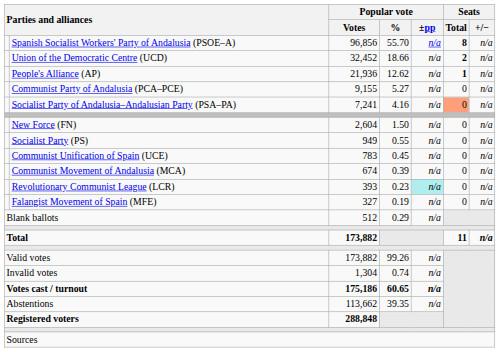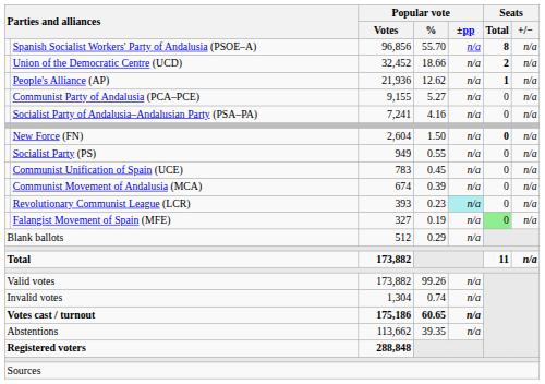 <table class="wikitable" style="text-align:right;">
 <tr>
 <th style="text-align:left;" rowspan="2" colspan="2" width="525">Parties and alliances</th>
 <th colspan="3">Popular vote</th>
 <th colspan="2">Seats</th>
 </tr>
 <tr>
 <th width="75">Votes</th>
 <th width="45">%</th>
 <th width="45">±<a href='#'>pp</a></th>
 <th width="35">Total</th>
 <th width="35">+/−</th>
 </tr>
 <tr>
 <td width="1" style="color:inherit;background:"></td>
 <td align="left"><a href='#'>Spanish Socialist Workers' Party of Andalusia</a> (PSOE–A)</td>
 <td>96,856</td>
 <td>55.70</td>
 <td><em><a href='#'>n/a</a></em></td>
 <td><strong>8</strong></td>
 <td><em>n/a</em></td>
 </tr>
 <tr>
 <td style="color:inherit;background:"></td>
 <td align="left"><a href='#'>Union of the Democratic Centre</a> (UCD)</td>
 <td>32,452</td>
 <td>18.66</td>
 <td><em>n/a</em></td>
 <td><strong>2</strong></td>
 <td><em>n/a</em></td>
 </tr>
 <tr>
 <td style="color:inherit;background:"></td>
 <td align="left"><a href='#'>People's Alliance</a> (AP)</td>
 <td>21,936</td>
 <td>12.62</td>
 <td><em>n/a</em></td>
 <td><strong>1</strong></td>
 <td><em>n/a</em></td>
 </tr>
 <tr>
 <td style="color:inherit;background:"></td>
 <td align="left"><a href='#'>Communist Party of Andalusia</a> (PCA–PCE)</td>
 <td>9,155</td>
 <td>5.27</td>
 <td><em>n/a</em></td>
 <td>0</td>
 <td><em>n/a</em></td>
 </tr>
 <tr>
 <td style="color:inherit;background:"></td>
 <td align="left"><a href='#'>Socialist Party of Andalusia–Andalusian Party</a> (PSA–PA)</td>
 <td>7,241</td>
 <td>4.16</td>
 <td><em>n/a</em></td>
-<td style="background: lightsalmon;">0</td>
+<td>0</td>
 <td><em>n/a</em></td>
 </tr>
 <tr>
 <td colspan="7" bgcolor="#C0C0C0"></td>
 </tr>
 <tr>
 <td style="color:inherit;background:"></td>
 <td align="left"><a href='#'>New Force</a> (FN)</td>
 <td>2,604</td>
 <td>1.50</td>
 <td><em>n/a</em></td>
-<td>0</td>
+<td><strong>0</strong></td>
 <td><em>n/a</em></td>
 </tr>
 <tr>
 <td style="color:inherit;background:"></td>
 <td align="left"><a href='#'>Socialist Party</a> (PS)</td>
 <td>949</td>
 <td>0.55</td>
 <td><em>n/a</em></td>
 <td>0</td>
 <td><em>n/a</em></td>
 </tr>
 <tr>
 <td style="color:inherit;background:"></td>
 <td align="left"><a href='#'>Communist Unification of Spain</a> (UCE)</td>
 <td>783</td>
 <td>0.45</td>
 <td><em>n/a</em></td>
 <td>0</td>
 <td><em>n/a</em></td>
 </tr>
 <tr>
 <td style="color:inherit;background:"></td>
 <td align="left"><a href='#'>Communist Movement of Andalusia</a> (MCA)</td>
 <td>674</td>
 <td>0.39</td>
 <td><em>n/a</em></td>
 <td>0</td>
 <td><em>n/a</em></td>
 </tr>
 <tr>
 <td style="color:inherit;background:"></td>
 <td align="left"><a href='#'>Revolutionary Communist League</a> (LCR)</td>
 <td>393</td>
 <td>0.23</td>
 <td style="background: paleturquoise;"><em>n/a</em></td>
 <td>0</td>
 <td><em>n/a</em></td>
 </tr>
 <tr>
 <td style="color:inherit;background:"></td>
 <td align="left"><a href='#'>Falangist Movement of Spain</a> (MFE)</td>
 <td>327</td>
 <td>0.19</td>
 <td><em>n/a</em></td>
-<td>0</td>
+<td style="background: lightgreen;">0</td>
 <td><em>n/a</em></td>
 </tr>
 <tr>
 <td align="left" colspan="2">Blank ballots</td>
 <td>512</td>
 <td>0.29</td>
 <td><em>n/a</em></td>
 <td bgcolor="#E9E9E9" colspan="2"></td>
 </tr>
 <tr>
 <td colspan="7" bgcolor="#E9E9E9"></td>
 </tr>
 <tr style="font-weight:bold;">
 <td align="left" colspan="2">Total</td>
 <td>173,882</td>
 <td bgcolor="#E9E9E9" colspan="2"></td>
 <td>11</td>
 <td><em>n/a</em></td>
 </tr>
 <tr>
 <td colspan="7" bgcolor="#E9E9E9"></td>
 </tr>
 <tr>
 <td align="left" colspan="2">Valid votes</td>
 <td>173,882</td>
 <td>99.26</td>
 <td><em>n/a</em></td>
 <td bgcolor="#E9E9E9" colspan="2" rowspan="5"></td>
 </tr>
 <tr>
 <td align="left" colspan="2">Invalid votes</td>
 <td>1,304</td>
 <td>0.74</td>
 <td><em>n/a</em></td>
 </tr>
 <tr style="font-weight:bold;">
 <td align="left" colspan="2">Votes cast / turnout</td>
 <td>175,186</td>
 <td>60.65</td>
 <td><em>n/a</em></td>
 </tr>
 <tr>
 <td align="left" colspan="2">Abstentions</td>
 <td>113,662</td>
 <td>39.35</td>
 <td><em>n/a</em></td>
 </tr>
 <tr style="font-weight:bold;">
 <td align="left" colspan="2">Registered voters</td>
 <td>288,848</td>
 <td bgcolor="#E9E9E9" colspan="2"></td>
 </tr>
 <tr>
 <td colspan="7" bgcolor="#E9E9E9"></td>
 </tr>
 <tr>
 <td align="left" colspan="7">Sources</td>
 </tr>
 </table>
